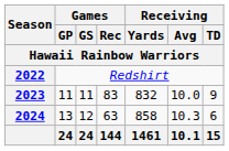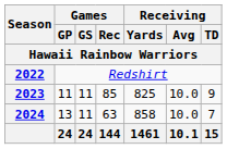 <table class="wikitable" style="text-align:center;">
 <tr>
 <th rowspan="2">Season</th>
 <th colspan="3">Games</th>
 <th colspan="5">Receiving</th>
 </tr>
 <tr>
 <th>GP</th>
 <th>GS</th>
 <th>Rec</th>
 <th>Yards</th>
 <th>Avg</th>
 <th>TD</th>
 </tr>
 <tr>
 <th colspan="8">Hawaii Rainbow Warriors</th>
 </tr>
 <tr>
 <th><a href='#'>2022</a></th>
 <td colspan="8"> <em><a href='#'>Redshirt</a></em></td>
 </tr>
 <tr>
 <th><a href='#'>2023</a></th>
 <td>11</td>
 <td>11</td>
-<td>83</td>
-<td>832</td>
+<td>85</td>
+<td>825</td>
 <td>10.0</td>
 <td>9</td>
 </tr>
 <tr>
 <th><a href='#'>2024</a></th>
 <td>13</td>
-<td>12</td>
+<td>11</td>
 <td>63</td>
 <td>858</td>
-<td>10.3</td>
-<td>6</td>
+<td>10.0</td>
+<td>7</td>
 </tr>
 <tr>
 <th></th>
 <th>24</th>
 <th>24</th>
 <th>144</th>
 <th>1461</th>
 <th>10.1</th>
 <th>15</th>
 </tr>
 </table>
